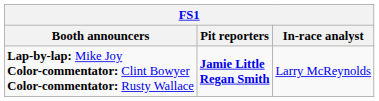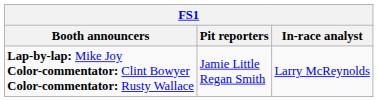 <table class="wikitable" style="font-size: 95%">
 <tr>
 <th colspan="3"><a href='#'>FS1</a></th>
 </tr>
 <tr>
 <th>Booth announcers</th>
 <th>Pit reporters</th>
 <th>In-race analyst</th>
 </tr>
 <tr>
 <td><strong>Lap-by-lap:</strong> <a href='#'>Mike Joy</a><br><strong>Color-commentator:</strong> <a href='#'>Clint Bowyer</a><br><strong>Color-commentator:</strong> <a href='#'>Rusty Wallace</a></td>
-<td><strong><a href='#'>Jamie Little</a><br><a href='#'>Regan Smith</a></strong></td>
+<td><a href='#'>Jamie Little</a><br><a href='#'>Regan Smith</a></td>
 <td><a href='#'>Larry McReynolds</a></td>
 </tr>
 </table>
